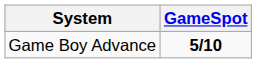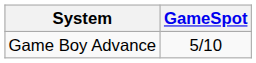 <table class="wikitable" align="right" style="margin: 5px 5px 5px 5px; text-align: center; font-size: 95%;">
 <tr>
 <th>System</th>
 <th><a href='#'>GameSpot</a></th>
 </tr>
 <tr>
 <td>Game Boy Advance</td>
-<td><strong>5/10</strong></td>
+<td>5/10</td>
 </tr>
 </table>
